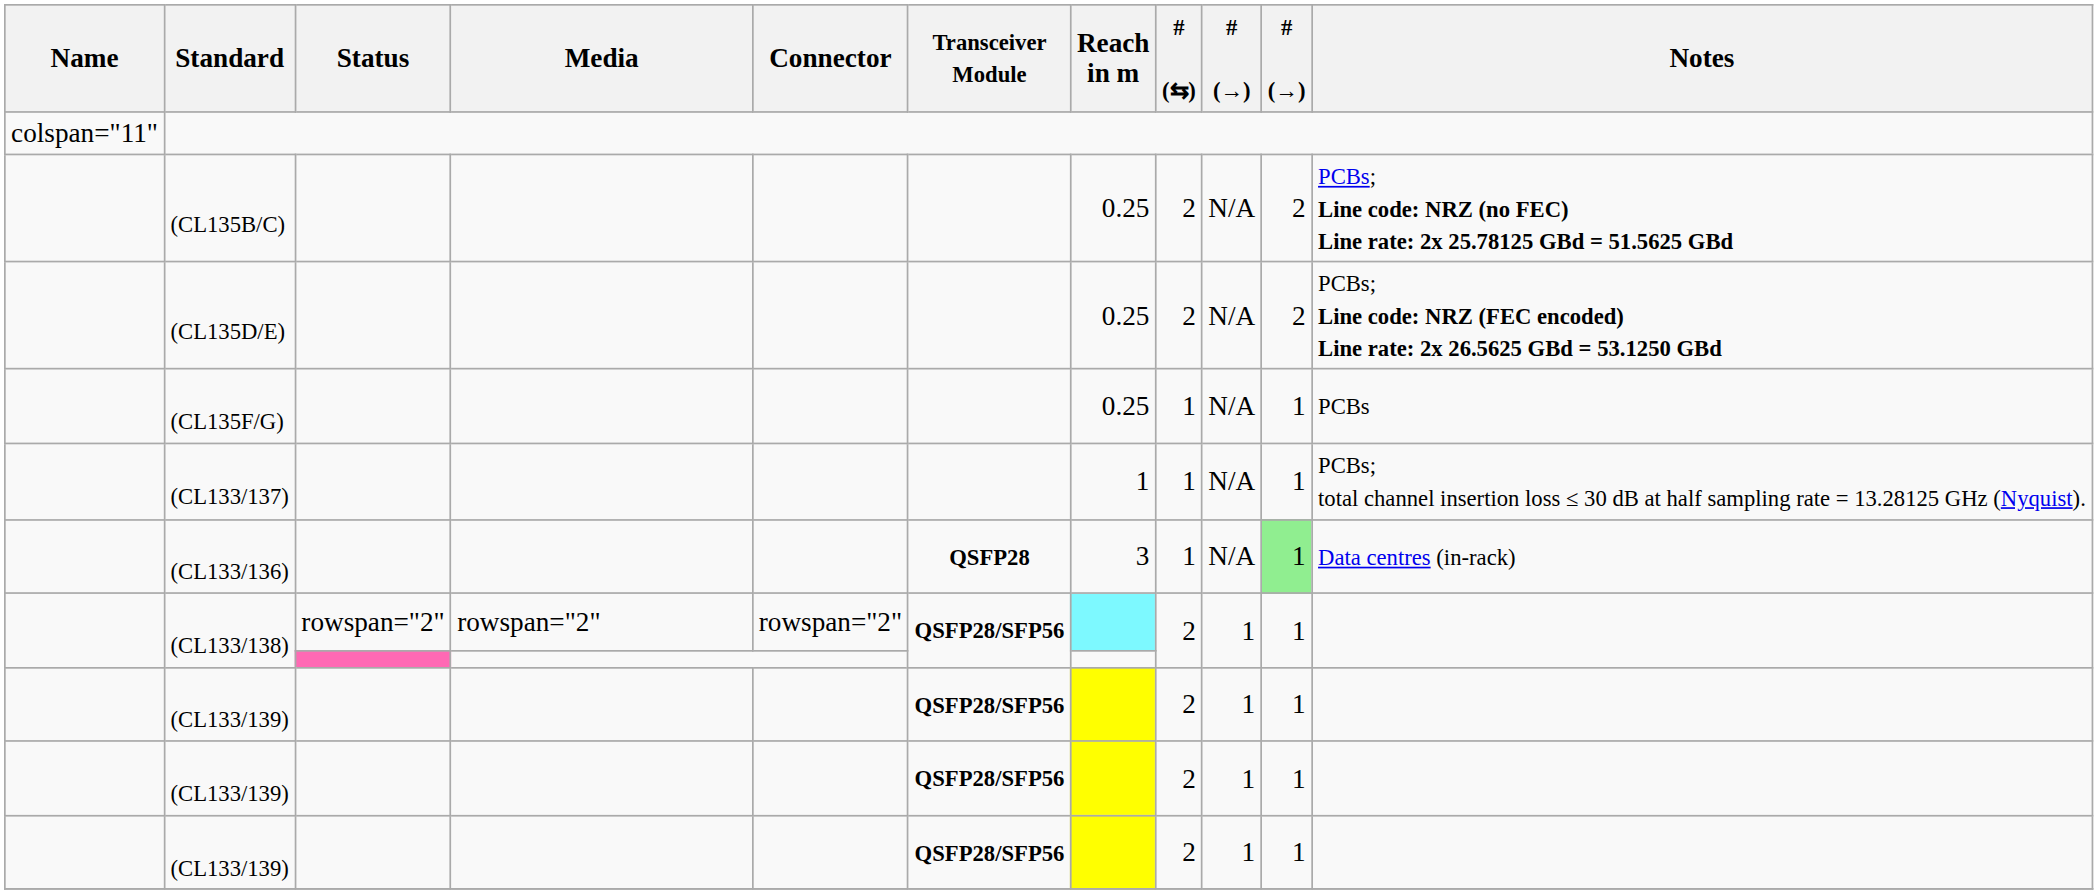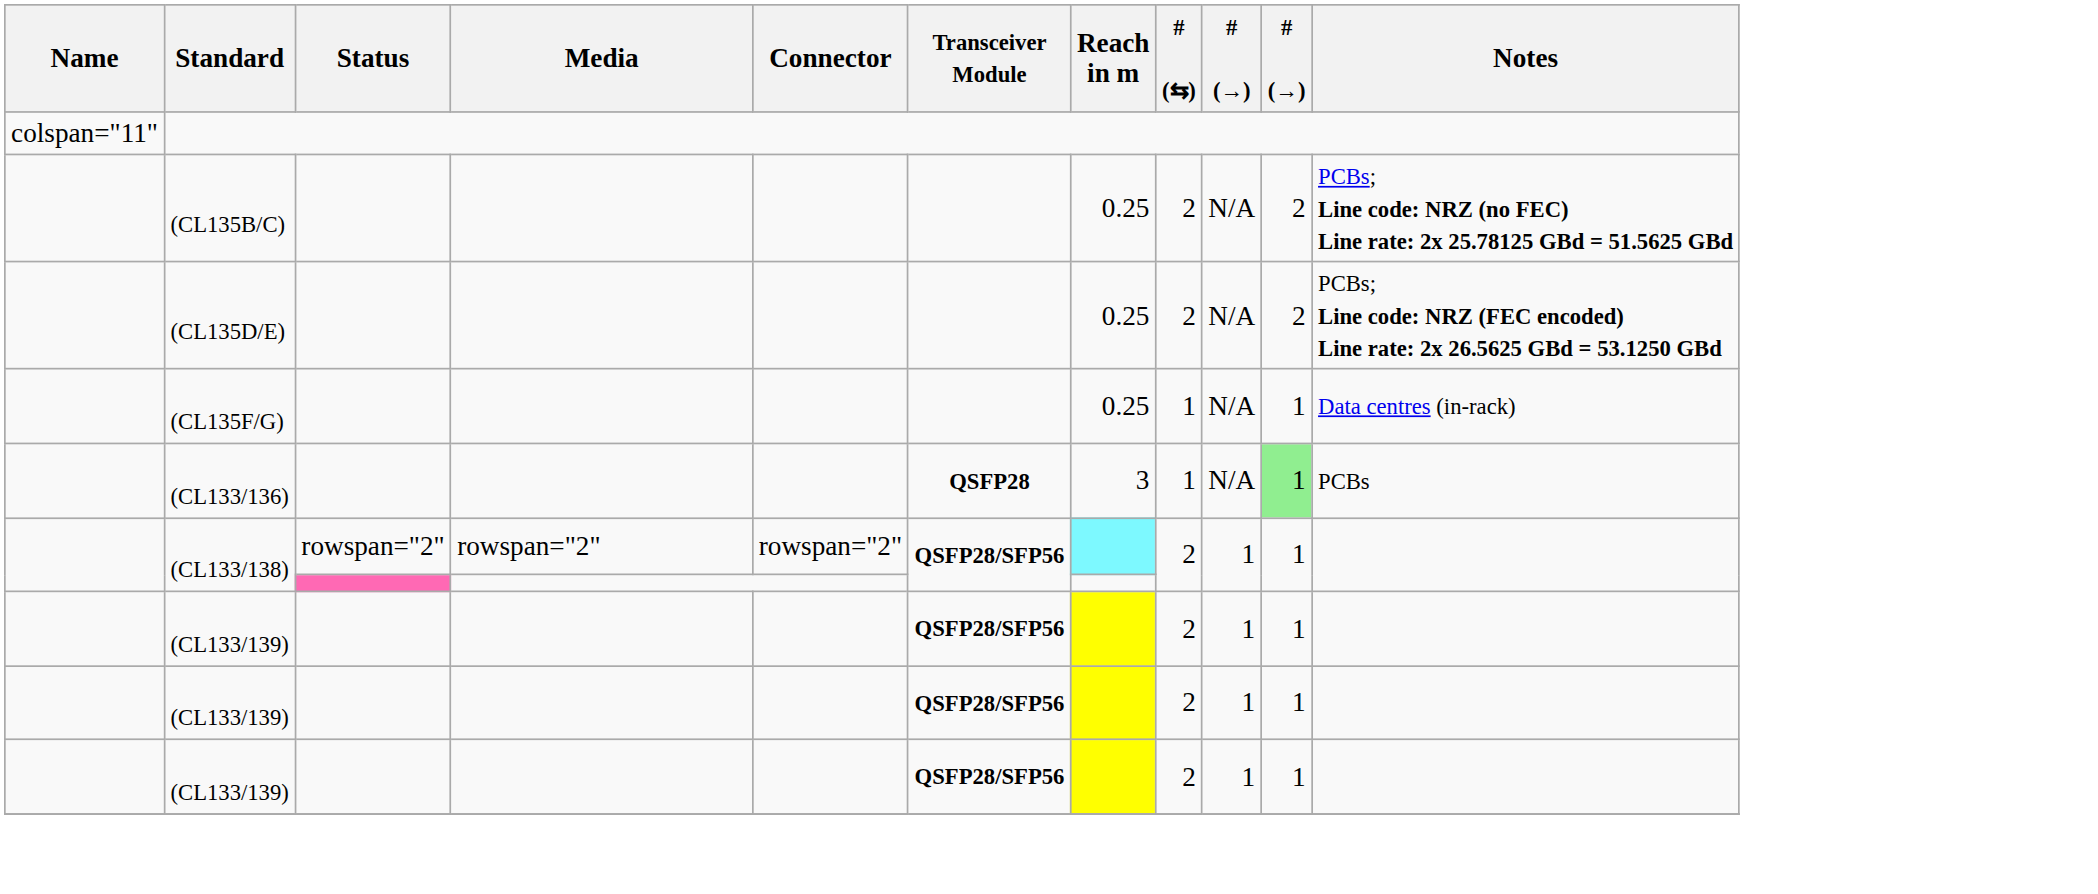 <table class="wikitable" style="line-height:110%;">
 <tr>
 <th>Name</th>
 <th>Standard</th>
 <th>Status</th>
 <th style="width: 170px;">Media</th>
 <th>Connector</th>
 <th><small>Transceiver<br>Module</small></th>
 <th>Reach<br>in m</th>
 <th><small>#<br><br>(⇆)</small></th>
 <th><small>#<br><br>(→)</small></th>
 <th><small>#<br><br>(→)</small></th>
 <th>Notes</th>
 </tr>
 <tr>
 <td>colspan="11"  </td>
 </tr>
 <tr>
 <td></td>
 <td><br><small>(CL135B/C)</small></td>
 <td></td>
 <td></td>
 <td></td>
 <td></td>
 <td style="text-align:right;">0.25</td>
 <td style="text-align:right;">2</td>
 <td style="text-align:right;">N/A</td>
 <td style="text-align:right;">2</td>
 <td><small><a href='#'>PCBs</a>;<br><strong>Line code: NRZ (no FEC)<br>Line rate: 2x 25.78125 GBd = 51.5625 GBd</strong></small></td>
 </tr>
 <tr>
 <td></td>
 <td><br><small>(CL135D/E)</small></td>
 <td></td>
 <td></td>
 <td></td>
 <td></td>
 <td style="text-align:right;">0.25</td>
 <td style="text-align:right;">2</td>
 <td style="text-align:right;">N/A</td>
 <td style="text-align:right;">2</td>
 <td><small>PCBs;<br><strong>Line code: NRZ (FEC encoded)<br>Line rate: 2x 26.5625 GBd = 53.1250 GBd</strong></small></td>
 </tr>
 <tr>
 <td></td>
 <td><br><small>(CL135F/G)</small></td>
 <td></td>
 <td></td>
 <td></td>
 <td></td>
 <td style="text-align:right;">0.25</td>
 <td style="text-align:right;">1</td>
 <td style="text-align:right;">N/A</td>
 <td style="text-align:right;">1</td>
-<td><small>PCBs</small></td>
-</tr>
-<tr>
-<td></td>
-<td><br><small>(CL133/137)</small></td>
-<td></td>
-<td></td>
-<td></td>
-<td></td>
-<td style="text-align:right;">1</td>
-<td style="text-align:right;">1</td>
-<td style="text-align:right;">N/A</td>
-<td style="text-align:right;">1</td>
-<td><small>PCBs;<br>total channel insertion loss ≤ 30 dB at half sampling rate = 13.28125 GHz (<a href='#'>Nyquist</a>).</small></td>
+<td><small><a href='#'>Data centres</a> (in-rack)</small></td>
 </tr>
 <tr>
 <td></td>
 <td><br><small>(CL133/136)</small></td>
 <td></td>
 <td></td>
 <td></td>
 <td align="center"><small><strong>QSFP28</strong></small></td>
 <td style="text-align:right;">3</td>
 <td style="text-align:right;">1</td>
 <td style="text-align:right;">N/A</td>
 <td style="background: lightgreen; text-align:right;">1</td>
-<td><small><a href='#'>Data centres</a> (in-rack)</small></td>
+<td><small>PCBs</small></td>
 </tr>
 <tr>
 <td rowspan="2"></td>
 <td rowspan="2"><br><small>(CL133/138)</small></td>
 <td>rowspan="2" </td>
 <td>rowspan="2" </td>
 <td>rowspan="2" </td>
 <td rowspan="2" align="center"><small><strong>QSFP28/SFP56</strong></small></td>
 <td style="background-color:#7DF9FF"></td>
 <td rowspan="2" align="right">2</td>
 <td rowspan="2" align="right">1</td>
 <td rowspan="2" align="right">1</td>
 <td rowspan="2"></td>
 </tr>
 <tr>
 <td style="background-color:#FF69B4"></td>
 </tr>
 <tr>
 <td></td>
 <td><br><small>(CL133/139)</small></td>
 <td></td>
 <td></td>
 <td></td>
 <td align="center"><small><strong>QSFP28/SFP56</strong></small></td>
 <td style="background-color:yellow"></td>
 <td style="text-align:right;">2</td>
 <td style="text-align:right;">1</td>
 <td style="text-align:right;">1</td>
 <td></td>
 </tr>
 <tr>
 <td></td>
 <td><br><small>(CL133/139)</small></td>
 <td></td>
 <td></td>
 <td></td>
 <td align="center"><small><strong>QSFP28/SFP56</strong></small></td>
 <td style="background-color:yellow"></td>
 <td style="text-align:right;">2</td>
 <td style="text-align:right;">1</td>
 <td style="text-align:right;">1</td>
 <td></td>
 </tr>
 <tr>
 <td></td>
 <td><br><small>(CL133/139)</small></td>
 <td></td>
 <td></td>
 <td></td>
 <td align="center"><small><strong>QSFP28/SFP56</strong></small></td>
 <td style="background-color:yellow"></td>
 <td style="text-align:right;">2</td>
 <td style="text-align:right;">1</td>
 <td style="text-align:right;">1</td>
 <td></td>
 </tr>
 <tr>
 </tr>
 </table>
